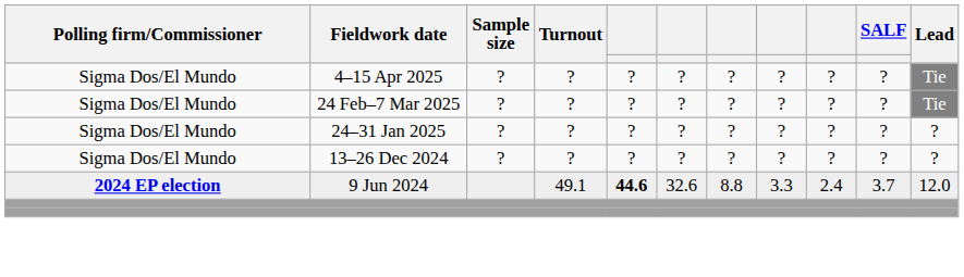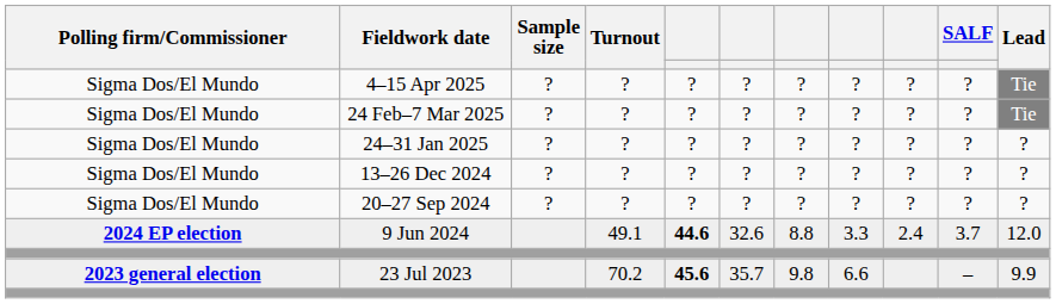 <table class="wikitable collapsible collapsed" style="text-align:center; font-size:95%; line-height:16px;">
 <tr style="height:42px;">
 <th style="width:250px;" rowspan="2">Polling firm/Commissioner</th>
 <th style="width:125px;" rowspan="2">Fieldwork date</th>
 <th style="width:50px;" rowspan="2">Sample size</th>
 <th style="width:45px;" rowspan="2">Turnout</th>
 <th style="width:35px;"></th>
 <th style="width:35px;"></th>
 <th style="width:35px;"></th>
 <th style="width:35px;"></th>
 <th style="width:35px;"></th>
 <th style="width:35px;"><a href='#'>SALF</a></th>
 <th style="width:30px;" rowspan="2">Lead</th>
 </tr>
 <tr>
 <th style="color:inherit;background:"></th>
 <th style="color:inherit;background:"></th>
 <th style="color:inherit;background:"></th>
 <th style="color:inherit;background:"></th>
 <th style="color:inherit;background:"></th>
 <th style="color:inherit;background:"></th>
 </tr>
 <tr>
 <td>Sigma Dos/El Mundo</td>
 <td>4–15 Apr 2025</td>
 <td>?</td>
 <td>?</td>
 <td>?<br></td>
 <td>?<br></td>
 <td>?<br></td>
 <td>?<br></td>
 <td>?<br></td>
 <td>?<br></td>
 <td style="background:gray;color:white;">Tie</td>
 </tr>
 <tr>
 <td>Sigma Dos/El Mundo</td>
 <td>24 Feb–7 Mar 2025</td>
 <td>?</td>
 <td>?</td>
 <td>?<br></td>
 <td>?<br></td>
 <td>?<br></td>
 <td>?<br></td>
 <td>?<br></td>
 <td>?<br></td>
 <td style="background:gray;color:white;">Tie</td>
 </tr>
 <tr>
 <td>Sigma Dos/El Mundo</td>
 <td>24–31 Jan 2025</td>
 <td>?</td>
 <td>?</td>
 <td>?<br></td>
 <td>?<br></td>
 <td>?<br></td>
 <td>?<br></td>
 <td>?<br></td>
 <td>?<br></td>
 <td style="background:">?</td>
 </tr>
 <tr>
 <td>Sigma Dos/El Mundo</td>
 <td>13–26 Dec 2024</td>
 <td>?</td>
 <td>?</td>
 <td>?<br></td>
 <td>?<br></td>
 <td>?<br></td>
 <td>?<br></td>
 <td>?<br></td>
 <td>?<br></td>
 <td style="background:">?</td>
 </tr>
+<tr>
+<td>Sigma Dos/El Mundo</td>
+<td>20–27 Sep 2024</td>
+<td>?</td>
+<td>?</td>
+<td>?<br></td>
+<td>?<br></td>
+<td>?<br></td>
+<td>?<br></td>
+<td>?<br></td>
+<td>?<br></td>
+<td style="background:">?</td>
+</tr>
 <tr style="background:#EFEFEF;">
 <td><strong><a href='#'>2024 EP election</a></strong></td>
 <td>9 Jun 2024</td>
 <td></td>
 <td>49.1</td>
 <td><strong>44.6</strong><br></td>
 <td>32.6<br></td>
 <td>8.8<br></td>
 <td>3.3<br></td>
 <td>2.4<br></td>
 <td>3.7<br></td>
 <td style="background:">12.0</td>
 </tr>
 <tr>
 <td colspan="11" style="background:#A0A0A0"></td>
 </tr>
+<tr style="background:#EFEFEF;">
+<td><strong><a href='#'>2023 general election</a></strong></td>
+<td>23 Jul 2023</td>
+<td></td>
+<td>70.2</td>
+<td><strong>45.6</strong><br></td>
+<td>35.7<br></td>
+<td>9.8<br></td>
+<td>6.6<br></td>
+<td></td>
+<td>–</td>
+<td style="background:">9.9</td>
+</tr>
 <tr>
 <td colspan="11" style="background:#A0A0A0"></td>
 </tr>
 </table>
